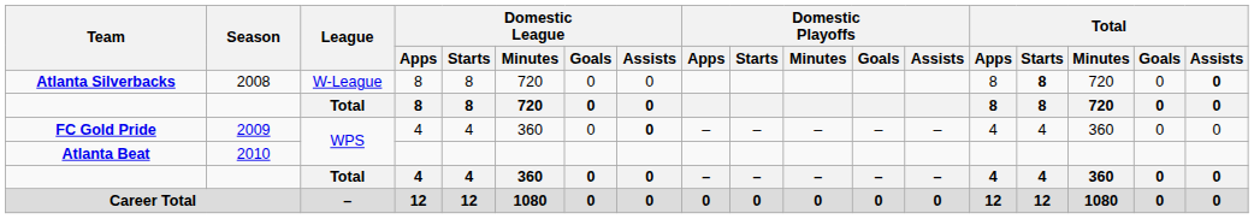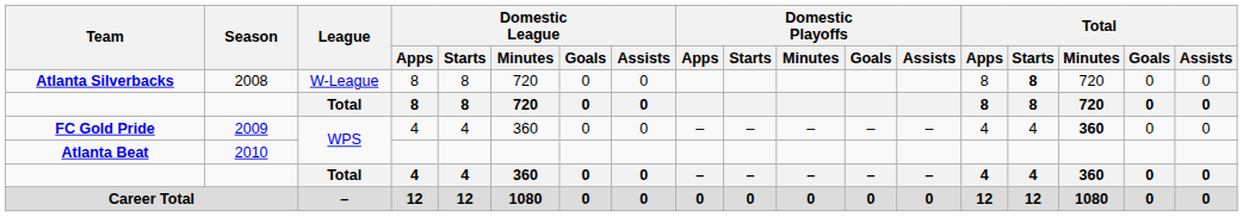 <table class="wikitable" style=font-size:90% text-align: center width=75%>
 <tr>
 <th rowspan=2 width=15%>Team</th>
 <th rowspan=2 width=7%>Season</th>
 <th rowspan=2 width=7%>League</th>
 <th colspan=5 width=20%>Domestic<br>League</th>
 <th colspan=5 width=20%>Domestic<br>Playoffs</th>
 <th colspan=5 width=10%>Total</th>
 </tr>
 <tr>
 <th align=center>Apps</th>
 <th align=center>Starts</th>
 <th align=center>Minutes</th>
 <th align=center>Goals</th>
 <th align=center>Assists</th>
 <th align=center>Apps</th>
 <th align=center>Starts</th>
 <th align=center>Minutes</th>
 <th align=center>Goals</th>
 <th align=center>Assists</th>
 <th align=center>Apps</th>
 <th align=center>Starts</th>
 <th align=center>Minutes</th>
 <th align=center>Goals</th>
 <th align=center>Assists</th>
 </tr>
 <tr>
 <td rowspan=1 align=center><strong><a href='#'>Atlanta Silverbacks</a></strong></td>
 <td align=center>2008</td>
 <td align=center><a href='#'>W-League</a></td>
 <td align=center>8</td>
 <td align=center>8</td>
 <td align=center>720</td>
 <td align=center>0</td>
 <td align=center>0</td>
 <td align=center></td>
 <td align=center></td>
 <td align=center></td>
 <td align=center></td>
 <td align=center></td>
 <td align=center>8</td>
 <td align=center><strong>8</strong></td>
 <td align=center>720</td>
 <td align=center>0</td>
-<td align=center><strong>0</strong></td>
+<td align=center>0</td>
 </tr>
 <tr>
 <td></td>
 <td></td>
 <th>Total</th>
 <th>8</th>
 <th>8</th>
 <th>720</th>
 <th>0</th>
 <th>0</th>
 <th></th>
 <th></th>
 <th></th>
 <th></th>
 <th></th>
 <th>8</th>
 <th>8</th>
 <th>720</th>
 <th>0</th>
 <th>0</th>
 </tr>
 <tr>
 <td rowspan=1 align=center><strong><a href='#'>FC Gold Pride</a></strong></td>
 <td align=center><a href='#'>2009</a></td>
 <td rowspan=2 align=center><a href='#'>WPS</a></td>
 <td align=center>4</td>
 <td align=center>4</td>
 <td align=center>360</td>
 <td align=center>0</td>
-<td align=center><strong>0</strong></td>
+<td align=center>0</td>
 <td align=center>–</td>
 <td align=center>–</td>
 <td align=center>–</td>
 <td align=center>–</td>
 <td align=center>–</td>
 <td align=center>4</td>
 <td align=center>4</td>
-<td align=center>360</td>
+<td align=center><strong>360</strong></td>
 <td align=center>0</td>
 <td align=center>0</td>
 </tr>
 <tr>
 <td rowspan=1 align=center><strong><a href='#'>Atlanta Beat</a></strong></td>
 <td align=center><a href='#'>2010</a></td>
 <td align=center></td>
 <td align=center></td>
 <td align=center></td>
 <td align=center></td>
 <td align=center></td>
 <td align=center></td>
 <td align=center></td>
 <td align=center></td>
 <td align=center></td>
 <td align=center></td>
 <td align=center></td>
 <td align=center></td>
 <td align=center></td>
 <td align=center></td>
 <td align=center></td>
 </tr>
 <tr>
 <td></td>
 <td></td>
 <th>Total</th>
 <th>4</th>
 <th>4</th>
 <th>360</th>
 <th>0</th>
 <th>0</th>
 <th>–</th>
 <th>–</th>
 <th>–</th>
 <th>–</th>
 <th>–</th>
 <th>4</th>
 <th>4</th>
 <th>360</th>
 <th>0</th>
 <th>0</th>
 </tr>
 <tr>
 <th style="background: #DCDCDC" colspan="2">Career Total</th>
 <th style="background: #DCDCDC" align=center>–</th>
 <th style="background: #DCDCDC" align=center>12</th>
 <th style="background: #DCDCDC" align=center>12</th>
 <th style="background: #DCDCDC" align=center>1080</th>
 <th style="background: #DCDCDC" align=center>0</th>
 <th style="background: #DCDCDC" align=center>0</th>
 <th style="background: #DCDCDC" align=center>0</th>
 <th style="background: #DCDCDC" align=center>0</th>
 <th style="background: #DCDCDC" align=center>0</th>
 <th style="background: #DCDCDC" align=center>0</th>
 <th style="background: #DCDCDC" align=center>0</th>
 <th style="background: #DCDCDC" align=center>12</th>
 <th style="background: #DCDCDC" align=center>12</th>
 <th style="background: #DCDCDC" align=center>1080</th>
 <th style="background: #DCDCDC" align=center>0</th>
 <th style="background: #DCDCDC" align=center>0</th>
 </tr>
 </table>
